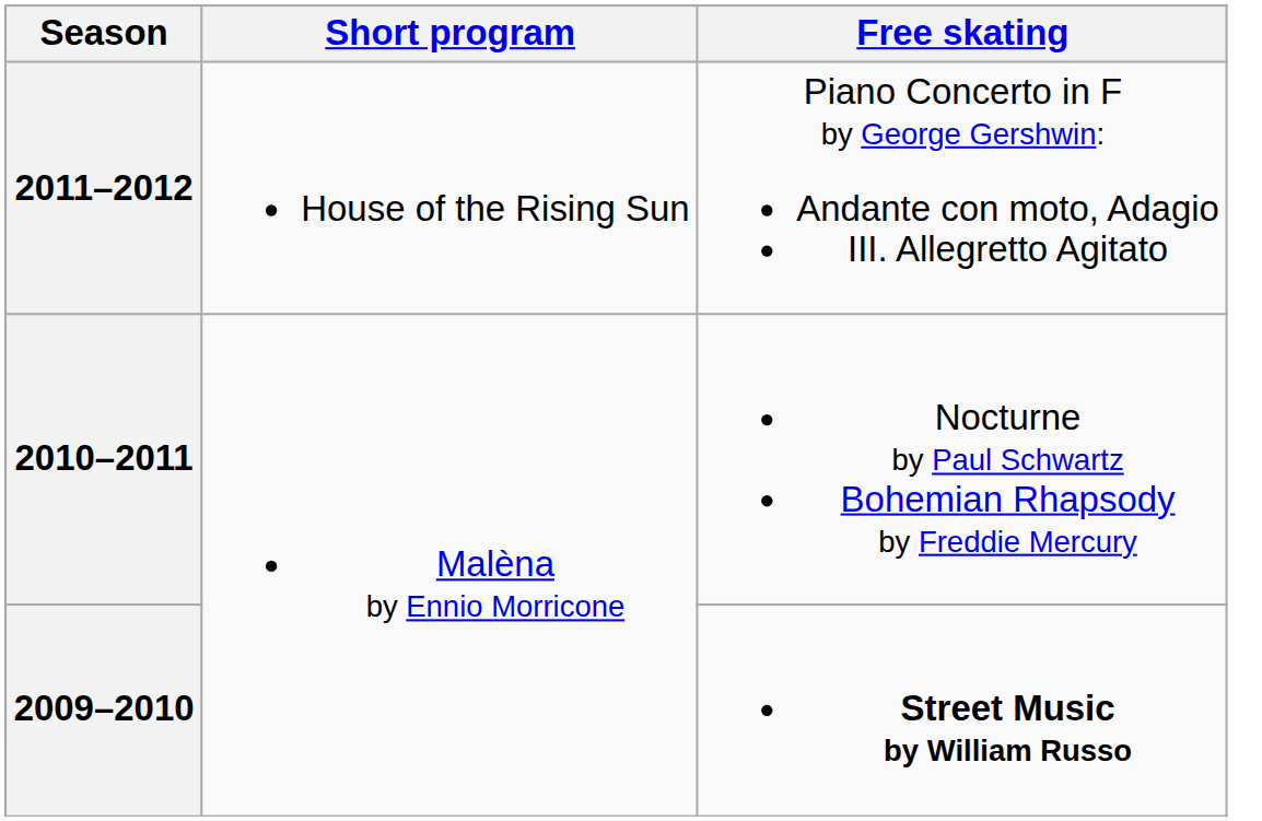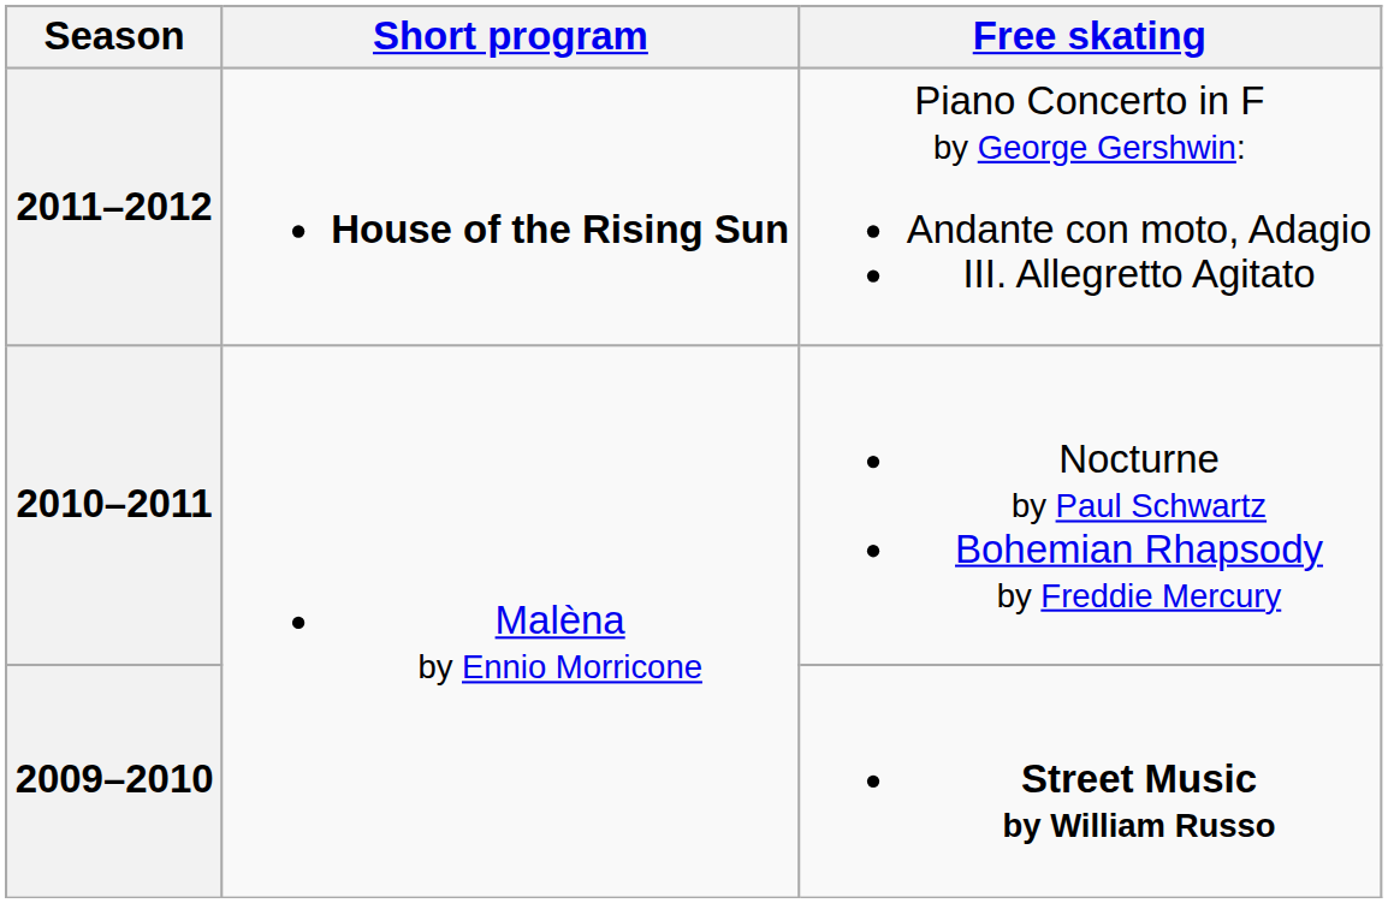 <table class=wikitable style=text-align:center>
 <tr>
 <th>Season</th>
 <th><a href='#'>Short program</a></th>
 <th><a href='#'>Free skating</a></th>
 </tr>
 <tr>
 <th>2011–2012 <br> </th>
-<td><br><ul><li>House of the Rising Sun</li></ul></td>
+<td><strong><br><ul><li>House of the Rising Sun</li></ul></strong></td>
 <td>Piano Concerto in F <br><small> by <a href='#'>George Gershwin</a>: </small><br><ul><li>Andante con moto, Adagio</li><li>III. Allegretto Agitato</li></ul></td>
 </tr>
 <tr>
 <th>2010–2011 <br> </th>
 <td rowspan=2><br><ul><li><a href='#'>Malèna</a> <br><small> by <a href='#'>Ennio Morricone</a> </small></li></ul></td>
 <td><br><ul><li>Nocturne <br><small> by <a href='#'>Paul Schwartz</a> </small></li><li><a href='#'>Bohemian Rhapsody</a> <br><small> by <a href='#'>Freddie Mercury</a> </small></li></ul></td>
 </tr>
 <tr>
 <th>2009–2010 <br> </th>
 <td><strong><br><ul><li>Street Music <br><small> by William Russo </small></li></ul></strong></td>
 </tr>
 </table>
